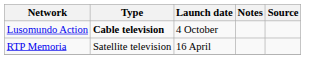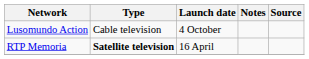 <table class="wikitable sortable">
 <tr>
 <th>Network</th>
 <th>Type</th>
 <th>Launch date</th>
 <th>Notes</th>
 <th>Source</th>
 </tr>
 <tr>
 <td><a href='#'>Lusomundo Action</a></td>
-<td><strong>Cable television</strong></td>
+<td>Cable television</td>
 <td>4 October</td>
 <td></td>
 <td></td>
 </tr>
 <tr>
 <td><a href='#'>RTP Memoria</a></td>
-<td>Satellite television</td>
+<td><strong>Satellite television</strong></td>
 <td>16 April</td>
 <td></td>
 <td></td>
 </tr>
 <tr>
 </tr>
 </table>
